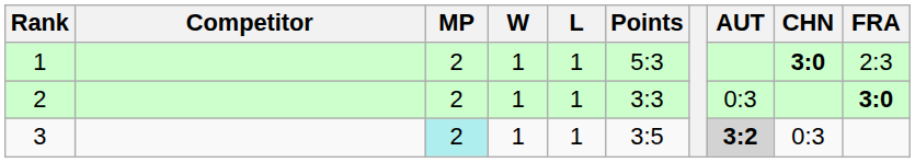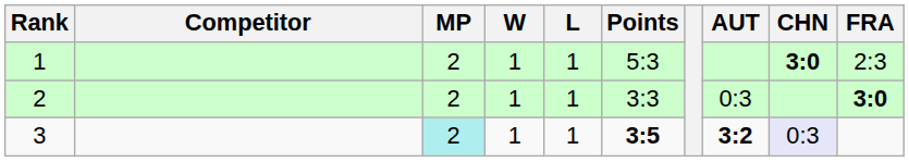 <table class="wikitable" style="text-align:center">
 <tr>
 <th>Rank</th>
 <th style="width:18em">Competitor</th>
 <th style="width:2.5em">MP</th>
 <th style="width:2.5em">W</th>
 <th style="width:2.5em">L</th>
 <th>Points</th>
 <th rowspan="4"> </th>
 <th style="width:2.5em">AUT</th>
 <th style="width:2.5em">CHN</th>
 <th style="width:2.5em">FRA</th>
 </tr>
 <tr style="background:#cfc;">
 <td>1</td>
 <td style="text-align:left"></td>
 <td>2</td>
 <td>1</td>
 <td>1</td>
 <td>5:3</td>
 <td></td>
 <td><strong>3:0</strong></td>
 <td>2:3</td>
 </tr>
 <tr style="background:#cfc;">
 <td>2</td>
 <td style="text-align:left"></td>
 <td>2</td>
 <td>1</td>
 <td>1</td>
 <td>3:3</td>
 <td>0:3</td>
 <td></td>
 <td><strong>3:0</strong></td>
 </tr>
 <tr>
 <td>3</td>
 <td style="text-align:left"></td>
 <td style="background: paleturquoise;">2</td>
 <td>1</td>
 <td>1</td>
-<td>3:5</td>
-<td style="background: lightgrey;"><strong>3:2</strong></td>
-<td>0:3</td>
+<td><strong>3:5</strong></td>
+<td><strong>3:2</strong></td>
+<td style="background: lavender;">0:3</td>
 <td></td>
 </tr>
 </table>
